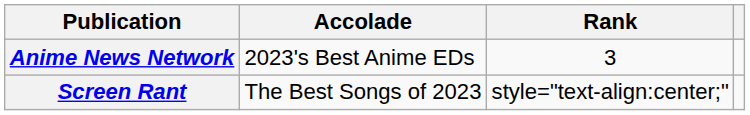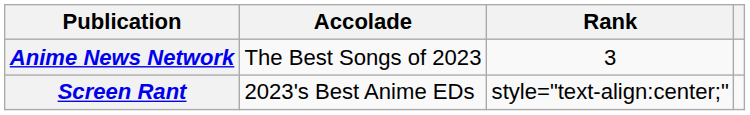 <table class="wikitable plainrowheaders">
 <tr>
 <th scope="col">Publication</th>
 <th scope="col">Accolade</th>
 <th scope="col">Rank</th>
 <th scope="col" class="unsortable"></th>
 </tr>
 <tr>
 <th scope="row"><em><a href='#'>Anime News Network</a></em></th>
-<td>2023's Best Anime EDs</td>
+<td>The Best Songs of 2023</td>
 <td style="text-align:center;">3</td>
 <td style="text-align:center;"></td>
 </tr>
 <tr>
 <th scope="row"><em><a href='#'>Screen Rant</a></em></th>
-<td>The Best Songs of 2023</td>
+<td>2023's Best Anime EDs</td>
 <td>style="text-align:center;" </td>
 <td style="text-align:center;"></td>
 </tr>
 </table>
